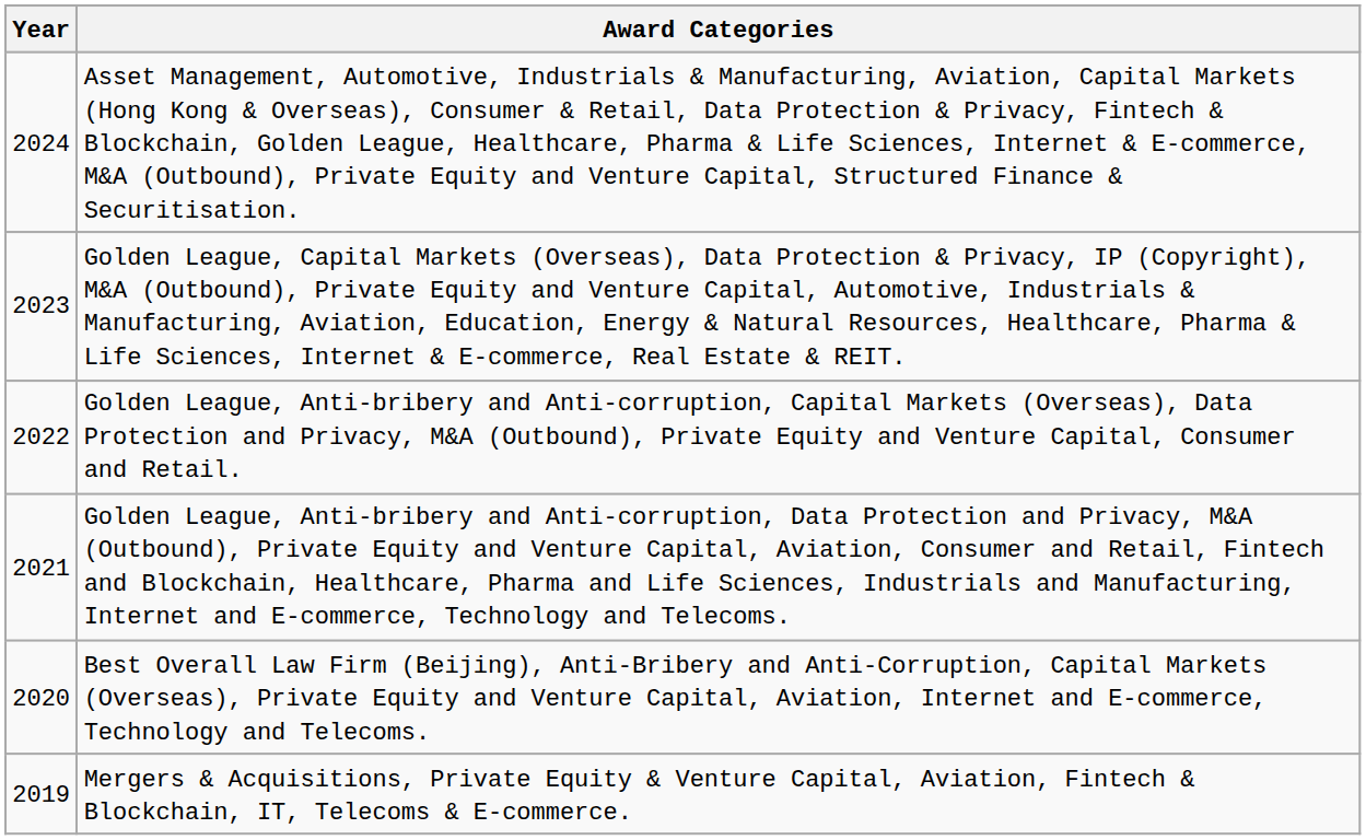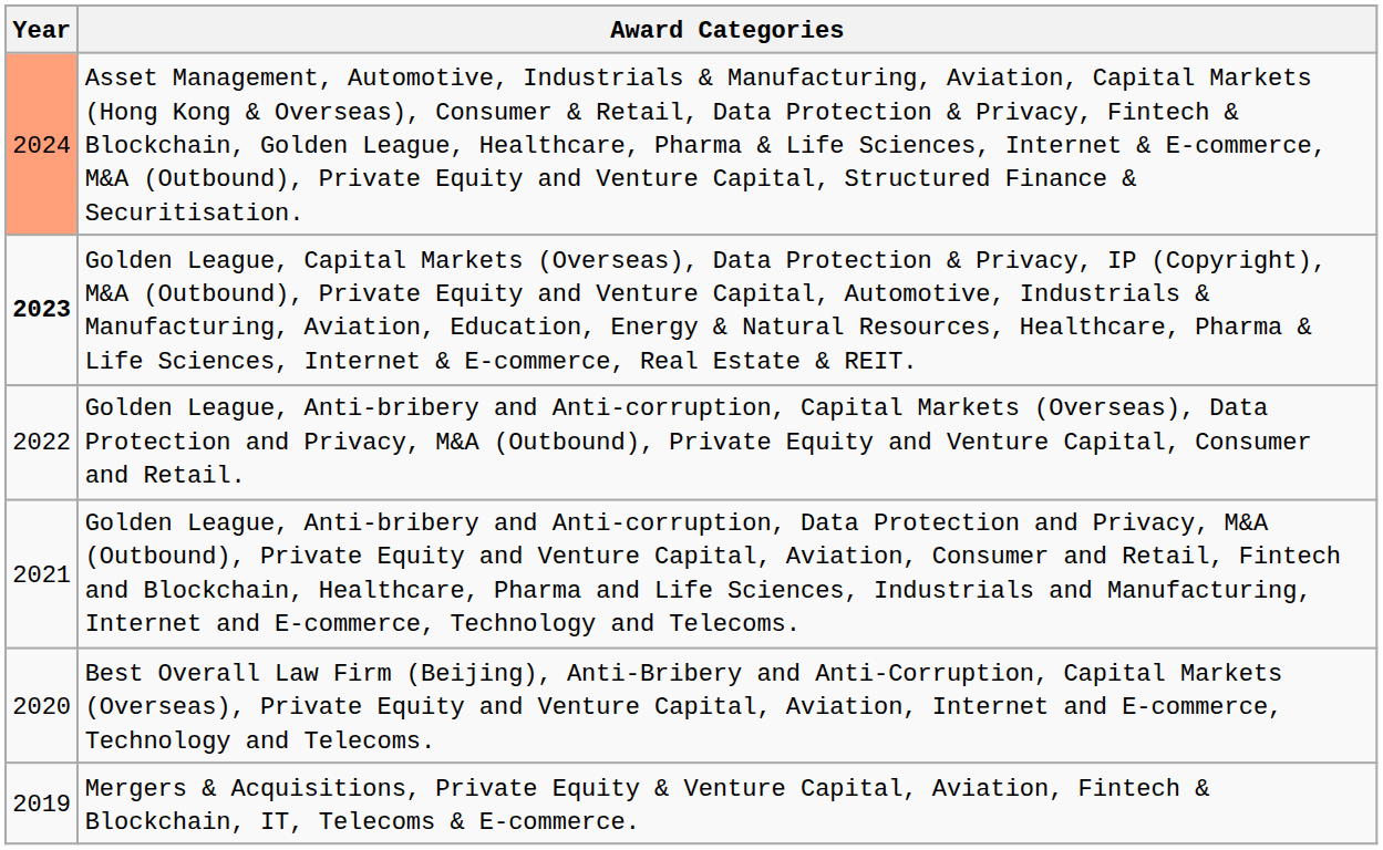 <table class="wikitable">
 <tr>
 <th><small>Year</small></th>
 <th><small>Award Categories</small></th>
 </tr>
 <tr>
-<td><small>2024</small></td>
+<td style="background: lightsalmon;"><small>2024</small></td>
 <td><small>Asset Management, Automotive, Industrials & Manufacturing, Aviation, Capital Markets (Hong Kong & Overseas), Consumer & Retail, Data Protection & Privacy, Fintech & Blockchain, Golden League, Healthcare, Pharma & Life Sciences, Internet & E-commerce, M&A (Outbound), Private Equity and Venture Capital, Structured Finance & Securitisation.</small></td>
 </tr>
 <tr>
-<td><small>2023</small></td>
+<td><strong><small>2023</small></strong></td>
 <td><small>Golden League, Capital Markets (Overseas), Data Protection & Privacy, IP (Copyright), M&A (Outbound), Private Equity and Venture Capital, Automotive, Industrials & Manufacturing, Aviation, Education, Energy & Natural Resources, Healthcare, Pharma & Life Sciences, Internet & E-commerce, Real Estate & REIT.</small></td>
 </tr>
 <tr>
 <td><small>2022</small></td>
 <td><small>Golden League, Anti-bribery and Anti-corruption, Capital Markets (Overseas), Data Protection and Privacy, M&A (Outbound), Private Equity and Venture Capital, Consumer and Retail.</small></td>
 </tr>
 <tr>
 <td><small>2021</small></td>
 <td><small>Golden League, Anti-bribery and Anti-corruption, Data Protection and Privacy, M&A (Outbound), Private Equity and Venture Capital, Aviation, Consumer and Retail, Fintech and Blockchain, Healthcare, Pharma and Life Sciences, Industrials and Manufacturing, Internet and E-commerce, Technology and Telecoms.</small></td>
 </tr>
 <tr>
 <td><small>2020</small></td>
 <td><small>Best Overall Law Firm (Beijing), Anti-Bribery and Anti-Corruption, Capital Markets (Overseas), Private Equity and Venture Capital, Aviation, Internet and E-commerce, Technology and Telecoms.</small></td>
 </tr>
 <tr>
 <td><small>2019</small></td>
 <td><small>Mergers & Acquisitions, Private Equity & Venture Capital, Aviation, Fintech & Blockchain, IT, Telecoms & E-commerce.</small></td>
 </tr>
 </table>
